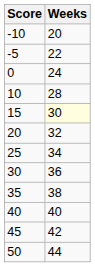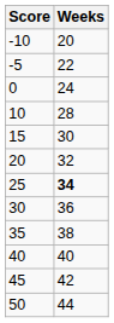 <table class="wikitable mw-collapsible mw-collapsed">
 <tr>
 <th>Score</th>
 <th>Weeks</th>
 </tr>
 <tr>
 <td>-10</td>
 <td>20</td>
 </tr>
 <tr>
 <td>-5</td>
 <td>22</td>
 </tr>
 <tr>
 <td>0</td>
 <td>24</td>
 </tr>
 <tr>
 <td>10</td>
 <td>28</td>
 </tr>
 <tr>
 <td>15</td>
-<td style="background: lightyellow;">30</td>
+<td>30</td>
 </tr>
 <tr>
 <td>20</td>
 <td>32</td>
 </tr>
 <tr>
 <td>25</td>
-<td>34</td>
+<td><strong>34</strong></td>
 </tr>
 <tr>
 <td>30</td>
 <td>36</td>
 </tr>
 <tr>
 <td>35</td>
 <td>38</td>
 </tr>
 <tr>
 <td>40</td>
 <td>40</td>
 </tr>
 <tr>
 <td>45</td>
 <td>42</td>
 </tr>
 <tr>
 <td>50</td>
 <td>44</td>
 </tr>
 </table>
